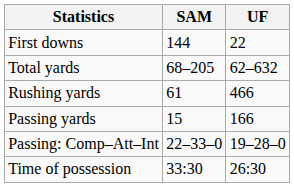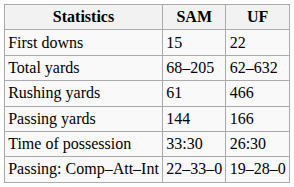 <table class="wikitable" style="float: left;">
 <tr>
 <th>Statistics</th>
 <th>SAM</th>
 <th>UF</th>
 </tr>
 <tr>
 <td>First downs</td>
-<td>144</td>
+<td>15</td>
 <td>22</td>
 </tr>
 <tr>
 <td>Total yards</td>
 <td>68–205</td>
 <td>62–632</td>
 </tr>
 <tr>
 <td>Rushing yards</td>
 <td>61</td>
 <td>466</td>
 </tr>
 <tr>
 <td>Passing yards</td>
-<td>15</td>
+<td>144</td>
 <td>166</td>
+</tr>
+<tr>
+<td>Time of possession</td>
+<td>33:30</td>
+<td>26:30</td>
 </tr>
 <tr>
 <td>Passing: Comp–Att–Int</td>
 <td>22–33–0</td>
 <td>19–28–0</td>
 </tr>
 <tr>
-<td>Time of possession</td>
-<td>33:30</td>
-<td>26:30</td>
-</tr>
-<tr>
 </tr>
 </table>
